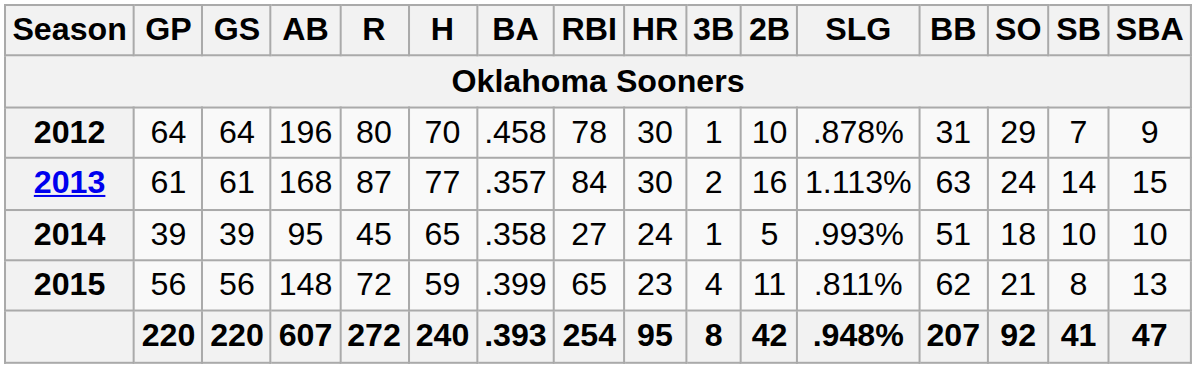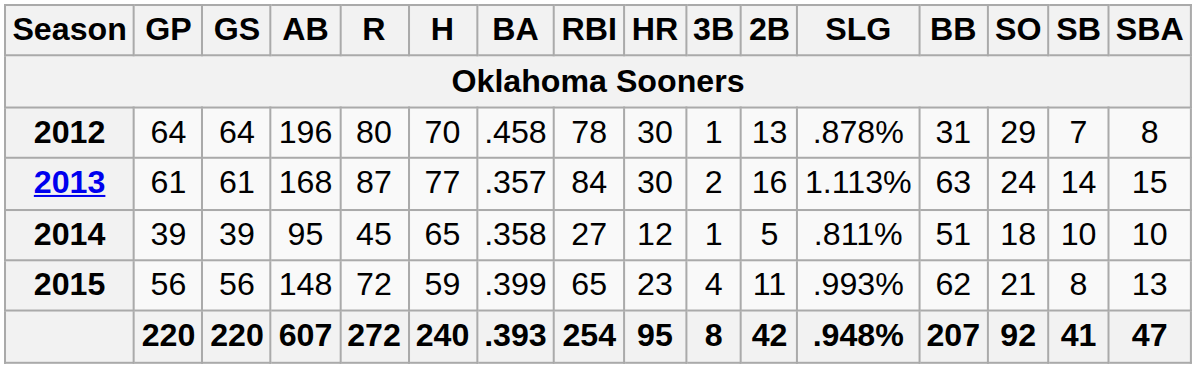 <table class="wikitable" style="text-align:center;">
 <tr>
 <th>Season</th>
 <th>GP</th>
 <th>GS</th>
 <th>AB</th>
 <th>R</th>
 <th>H</th>
 <th>BA</th>
 <th>RBI</th>
 <th>HR</th>
 <th>3B</th>
 <th>2B</th>
 <th>SLG</th>
 <th>BB</th>
 <th>SO</th>
 <th>SB</th>
 <th>SBA</th>
 </tr>
 <tr>
 <th colspan="16">Oklahoma Sooners</th>
 </tr>
 <tr>
 <th>2012</th>
 <td>64</td>
 <td>64</td>
 <td>196</td>
 <td>80</td>
 <td>70</td>
 <td>.458</td>
 <td>78</td>
 <td>30</td>
 <td>1</td>
-<td>10</td>
+<td>13</td>
 <td>.878%</td>
 <td>31</td>
 <td>29</td>
 <td>7</td>
-<td>9</td>
+<td>8</td>
 </tr>
 <tr>
 <th><a href='#'>2013</a></th>
 <td>61</td>
 <td>61</td>
 <td>168</td>
 <td>87</td>
 <td>77</td>
 <td>.357</td>
 <td>84</td>
 <td>30</td>
 <td>2</td>
 <td>16</td>
 <td>1.113%</td>
 <td>63</td>
 <td>24</td>
 <td>14</td>
 <td>15</td>
 </tr>
 <tr>
 <th>2014</th>
 <td>39</td>
 <td>39</td>
 <td>95</td>
 <td>45</td>
 <td>65</td>
 <td>.358</td>
 <td>27</td>
-<td>24</td>
+<td>12</td>
 <td>1</td>
 <td>5</td>
-<td>.993%</td>
+<td>.811%</td>
 <td>51</td>
 <td>18</td>
 <td>10</td>
 <td>10</td>
 </tr>
 <tr>
 <th>2015</th>
 <td>56</td>
 <td>56</td>
 <td>148</td>
 <td>72</td>
 <td>59</td>
 <td>.399</td>
 <td>65</td>
 <td>23</td>
 <td>4</td>
 <td>11</td>
-<td>.811%</td>
+<td>.993%</td>
 <td>62</td>
 <td>21</td>
 <td>8</td>
 <td>13</td>
 </tr>
 <tr>
 <th></th>
 <th>220</th>
 <th>220</th>
 <th>607</th>
 <th>272</th>
 <th>240</th>
 <th>.393</th>
 <th>254</th>
 <th>95</th>
 <th>8</th>
 <th>42</th>
 <th>.948%</th>
 <th>207</th>
 <th>92</th>
 <th>41</th>
 <th>47</th>
 </tr>
 </table>
